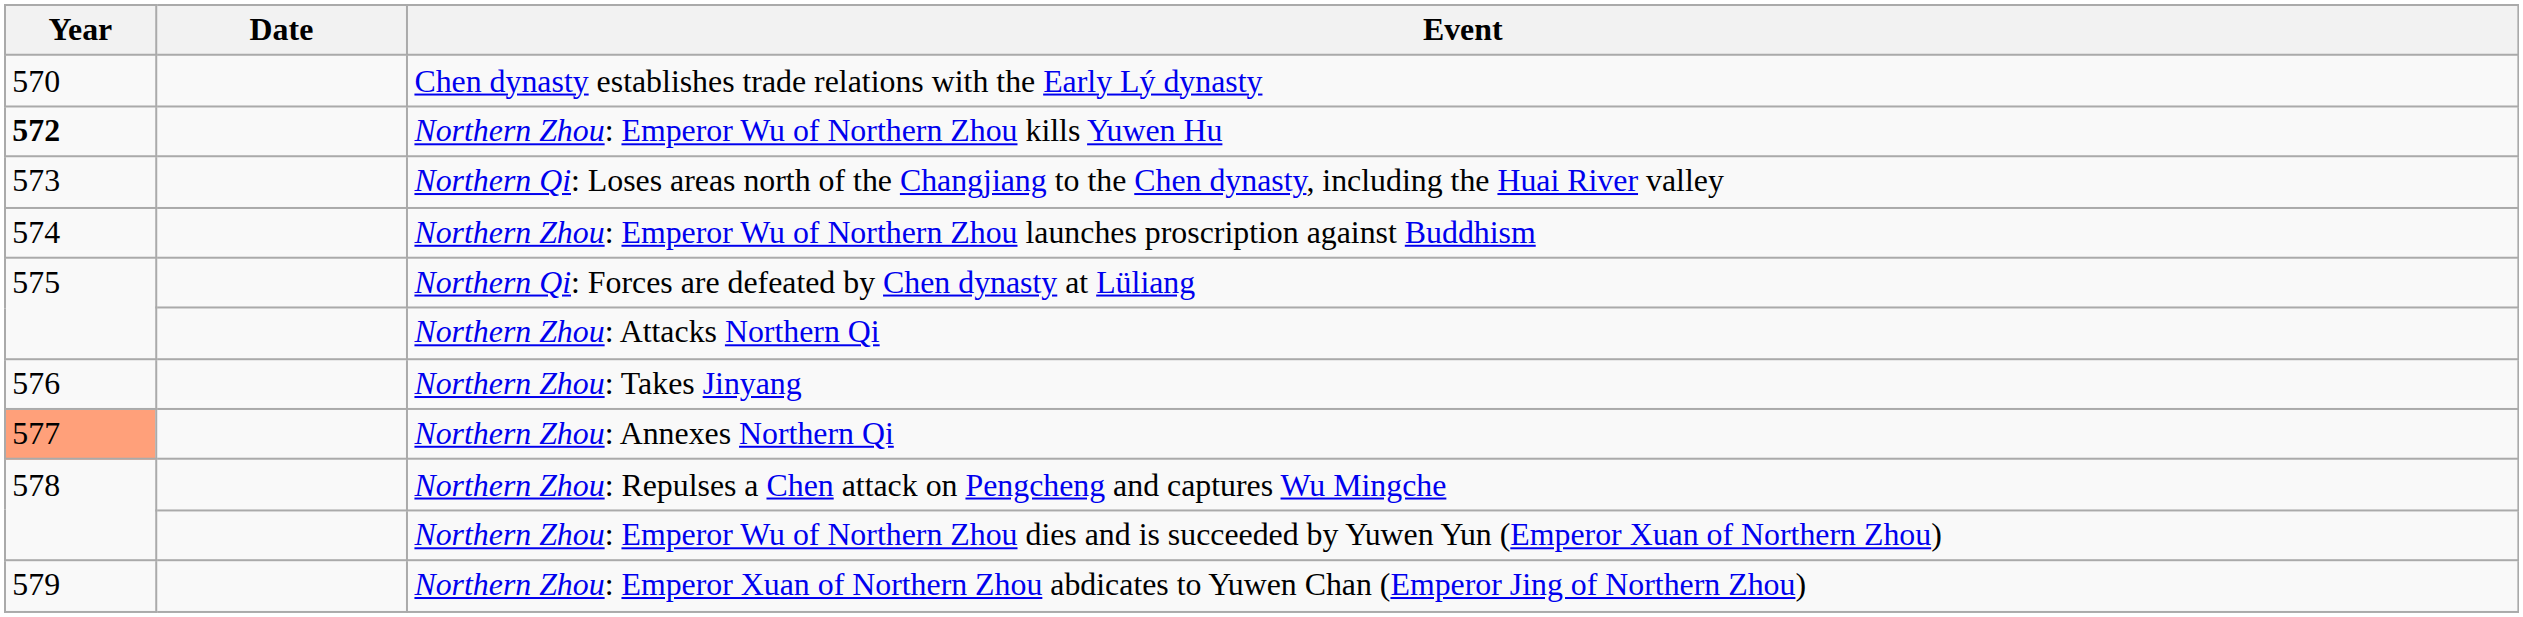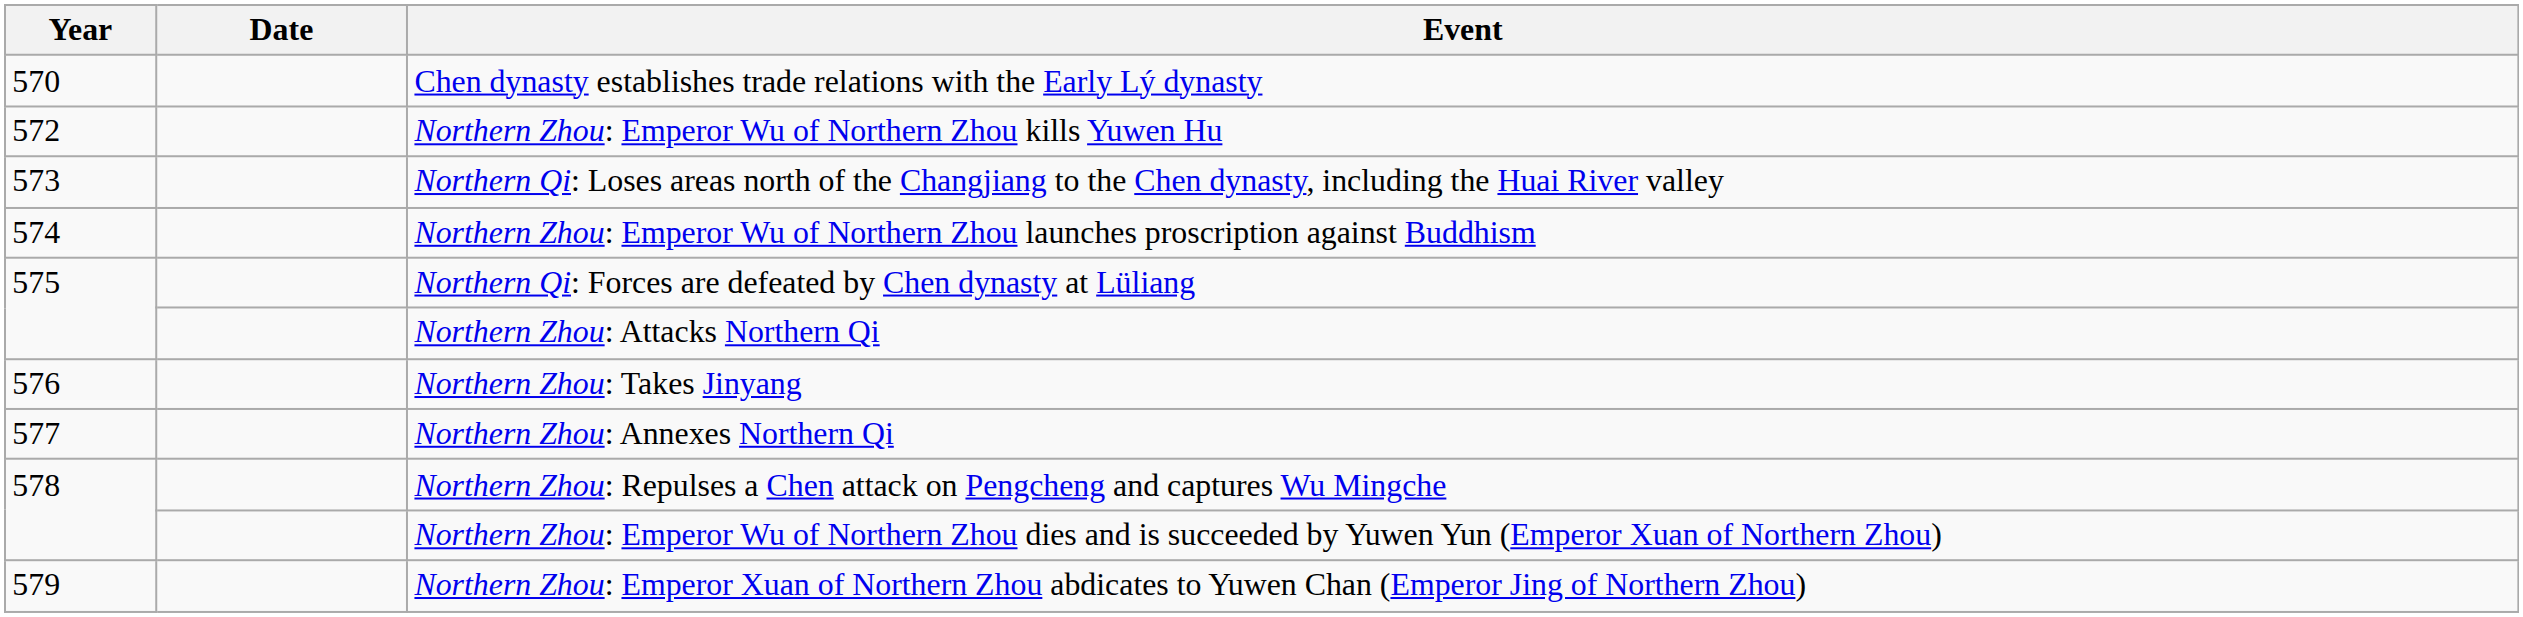 <table class="wikitable" style="width:100%;">
 <tr>
 <th style="width:6%">Year</th>
 <th style="width:10%">Date</th>
 <th>Event</th>
 </tr>
 <tr>
 <td>570</td>
 <td></td>
 <td><a href='#'>Chen dynasty</a> establishes trade relations with the <a href='#'>Early Lý dynasty</a></td>
 </tr>
 <tr>
-<td><strong>572</strong></td>
+<td>572</td>
 <td></td>
 <td><em><a href='#'>Northern Zhou</a></em>: <a href='#'>Emperor Wu of Northern Zhou</a> kills <a href='#'>Yuwen Hu</a></td>
 </tr>
 <tr>
 <td>573</td>
 <td></td>
 <td><em><a href='#'>Northern Qi</a></em>: Loses areas north of the <a href='#'>Changjiang</a> to the <a href='#'>Chen dynasty</a>, including the <a href='#'>Huai River</a> valley</td>
 </tr>
 <tr>
 <td>574</td>
 <td></td>
 <td><em><a href='#'>Northern Zhou</a></em>: <a href='#'>Emperor Wu of Northern Zhou</a> launches proscription against <a href='#'>Buddhism</a></td>
 </tr>
 <tr>
 <td rowspan="2" style="vertical-align:top;">575</td>
 <td></td>
 <td><em><a href='#'>Northern Qi</a></em>: Forces are defeated by <a href='#'>Chen dynasty</a> at <a href='#'>Lüliang</a></td>
 </tr>
 <tr>
 <td></td>
 <td><em><a href='#'>Northern Zhou</a></em>: Attacks <a href='#'>Northern Qi</a></td>
 </tr>
 <tr>
 <td>576</td>
 <td></td>
 <td><em><a href='#'>Northern Zhou</a></em>: Takes <a href='#'>Jinyang</a></td>
 </tr>
 <tr>
-<td style="background: lightsalmon;">577</td>
+<td>577</td>
 <td></td>
 <td><em><a href='#'>Northern Zhou</a></em>: Annexes <a href='#'>Northern Qi</a></td>
 </tr>
 <tr>
 <td rowspan="2" style="vertical-align:top;">578</td>
 <td></td>
 <td><em><a href='#'>Northern Zhou</a></em>: Repulses a <a href='#'>Chen</a> attack on <a href='#'>Pengcheng</a> and captures <a href='#'>Wu Mingche</a></td>
 </tr>
 <tr>
 <td></td>
 <td><em><a href='#'>Northern Zhou</a></em>: <a href='#'>Emperor Wu of Northern Zhou</a> dies and is succeeded by Yuwen Yun (<a href='#'>Emperor Xuan of Northern Zhou</a>)</td>
 </tr>
 <tr>
 <td>579</td>
 <td></td>
 <td><em><a href='#'>Northern Zhou</a></em>: <a href='#'>Emperor Xuan of Northern Zhou</a> abdicates to Yuwen Chan (<a href='#'>Emperor Jing of Northern Zhou</a>)</td>
 </tr>
 </table>
